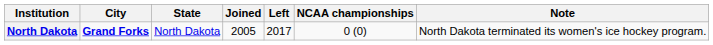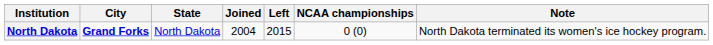 <table class="wikitable sortable plainrowheaders" style="text-align: center;">
 <tr>
 <th scope=col>Institution</th>
 <th scope=col>City</th>
 <th scope=col>State</th>
 <th scope=col>Joined</th>
 <th scope=col>Left</th>
 <th scope="col">NCAA championships</th>
 <th scope="col">Note</th>
 </tr>
 <tr>
 <th scope=row><a href='#'>North Dakota</a></th>
 <td><strong><a href='#'>Grand Forks</a></strong></td>
 <td><a href='#'>North Dakota</a></td>
-<td>2005</td>
-<td>2017</td>
+<td>2004</td>
+<td>2015</td>
 <td>0 (0)</td>
 <td>North Dakota terminated its women's ice hockey program.</td>
 </tr>
 </table>
